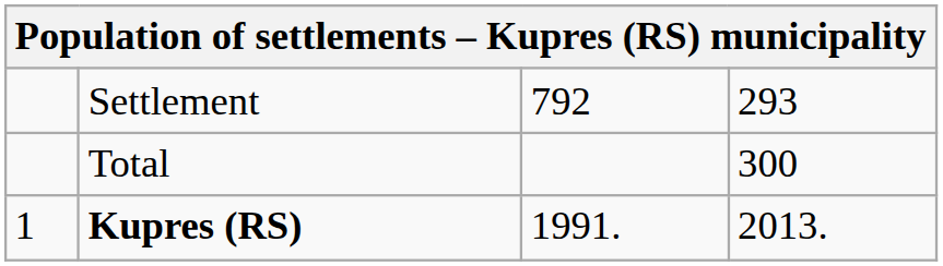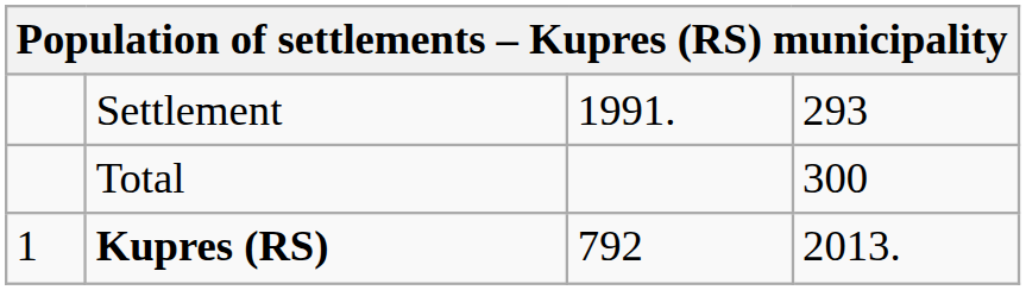 <table class="wikitable">
 <tr>
 <th colspan="4">Population of settlements – Kupres (RS) municipality</th>
 </tr>
 <tr>
 <td></td>
 <td>Settlement</td>
-<td>792</td>
+<td>1991.</td>
 <td>293</td>
 </tr>
 <tr>
 <td></td>
 <td>Total</td>
 <td></td>
 <td>300</td>
 </tr>
 <tr>
 <td>1</td>
 <td><strong>Kupres (RS)</strong></td>
-<td>1991.</td>
+<td>792</td>
 <td>2013.</td>
 </tr>
 </table>
